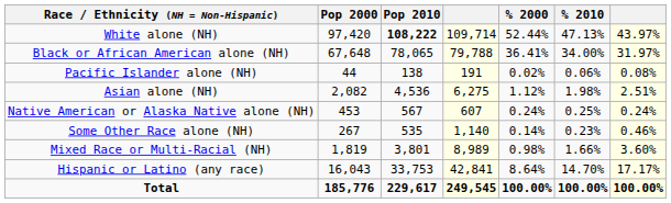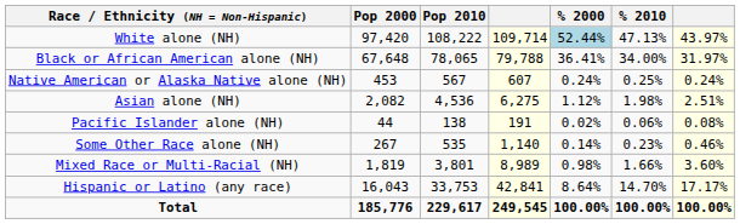 <table class="wikitable" style="text-align:center;">
 <tr>
 <th>Race / Ethnicity <small>(<em>NH = Non-Hispanic</em>)</small></th>
 <th>Pop 2000</th>
 <th>Pop 2010</th>
 <th></th>
 <th>% 2000</th>
 <th>% 2010</th>
 <th></th>
 </tr>
 <tr>
 <td><a href='#'>White</a> alone (NH)</td>
 <td>97,420</td>
-<td><strong>108,222</strong></td>
+<td>108,222</td>
 <td style='background: #ffffe6;'>109,714</td>
-<td>52.44%</td>
+<td style="background: lightblue;">52.44%</td>
 <td>47.13%</td>
 <td style='background: #ffffe6;'>43.97%</td>
 </tr>
 <tr>
 <td><a href='#'>Black or African American</a> alone (NH)</td>
 <td>67,648</td>
 <td>78,065</td>
 <td style='background: #ffffe6;'>79,788</td>
 <td>36.41%</td>
 <td>34.00%</td>
 <td style='background: #ffffe6;'>31.97%</td>
 </tr>
 <tr>
-<td><a href='#'>Pacific Islander</a> alone (NH)</td>
-<td>44</td>
-<td>138</td>
-<td style='background: #ffffe6;'>191</td>
-<td>0.02%</td>
-<td>0.06%</td>
-<td style='background: #ffffe6;'>0.08%</td>
+<td><a href='#'>Native American</a> or <a href='#'>Alaska Native</a> alone (NH)</td>
+<td>453</td>
+<td>567</td>
+<td style='background: #ffffe6;'>607</td>
+<td>0.24%</td>
+<td>0.25%</td>
+<td style='background: #ffffe6;'>0.24%</td>
 </tr>
 <tr>
 <td><a href='#'>Asian</a> alone (NH)</td>
 <td>2,082</td>
 <td>4,536</td>
 <td style='background: #ffffe6;'>6,275</td>
 <td>1.12%</td>
 <td>1.98%</td>
 <td style='background: #ffffe6;'>2.51%</td>
 </tr>
 <tr>
-<td><a href='#'>Native American</a> or <a href='#'>Alaska Native</a> alone (NH)</td>
-<td>453</td>
-<td>567</td>
-<td style='background: #ffffe6;'>607</td>
-<td>0.24%</td>
-<td>0.25%</td>
-<td style='background: #ffffe6;'>0.24%</td>
+<td><a href='#'>Pacific Islander</a> alone (NH)</td>
+<td>44</td>
+<td>138</td>
+<td style='background: #ffffe6;'>191</td>
+<td>0.02%</td>
+<td>0.06%</td>
+<td style='background: #ffffe6;'>0.08%</td>
 </tr>
 <tr>
 <td><a href='#'>Some Other Race</a> alone (NH)</td>
 <td>267</td>
 <td>535</td>
 <td style='background: #ffffe6;'>1,140</td>
 <td>0.14%</td>
 <td>0.23%</td>
 <td style='background: #ffffe6;'>0.46%</td>
 </tr>
 <tr>
 <td><a href='#'>Mixed Race or Multi-Racial</a> (NH)</td>
 <td>1,819</td>
 <td>3,801</td>
 <td style='background: #ffffe6;'>8,989</td>
 <td>0.98%</td>
 <td>1.66%</td>
 <td style='background: #ffffe6;'>3.60%</td>
 </tr>
 <tr>
 <td><a href='#'>Hispanic or Latino</a> (any race)</td>
 <td>16,043</td>
 <td>33,753</td>
 <td style='background: #ffffe6;'>42,841</td>
 <td>8.64%</td>
 <td>14.70%</td>
 <td style='background: #ffffe6;'>17.17%</td>
 </tr>
 <tr>
 <td><strong>Total</strong></td>
 <td><strong>185,776</strong></td>
 <td><strong>229,617</strong></td>
 <td style='background: #ffffe6;'><strong>249,545</strong></td>
 <td><strong>100.00%</strong></td>
 <td><strong>100.00%</strong></td>
 <td style='background: #ffffe6;'><strong>100.00%</strong></td>
 </tr>
 </table>
